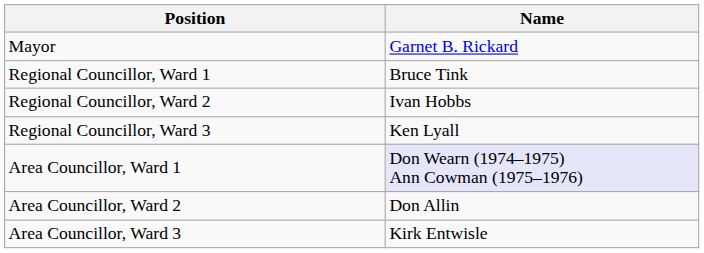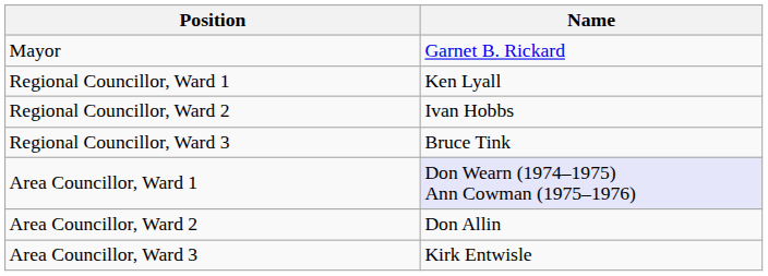 <table class="wikitable" style="width:50%;">
 <tr>
 <th bgcolor="#DDDDFF" width="50px">Position</th>
 <th bgcolor="#DDDDFF" width="50px">Name</th>
 </tr>
 <tr>
 <td>Mayor</td>
 <td><a href='#'>Garnet B. Rickard</a></td>
 </tr>
 <tr>
 <td>Regional Councillor, Ward 1</td>
-<td>Bruce Tink</td>
+<td>Ken Lyall</td>
 </tr>
 <tr>
 <td>Regional Councillor, Ward 2</td>
 <td>Ivan Hobbs</td>
 </tr>
 <tr>
 <td>Regional Councillor, Ward 3</td>
-<td>Ken Lyall</td>
+<td>Bruce Tink</td>
 </tr>
 <tr>
 <td>Area Councillor, Ward 1</td>
 <td style="background: lavender;">Don Wearn (1974–1975)<br> Ann Cowman (1975–1976)</td>
 </tr>
 <tr>
 <td>Area Councillor, Ward 2</td>
 <td>Don Allin</td>
 </tr>
 <tr>
 <td>Area Councillor, Ward 3</td>
 <td>Kirk Entwisle</td>
 </tr>
 </table>
